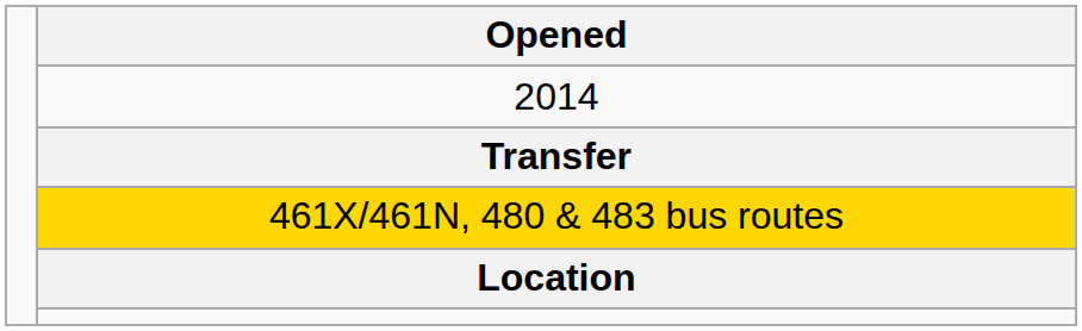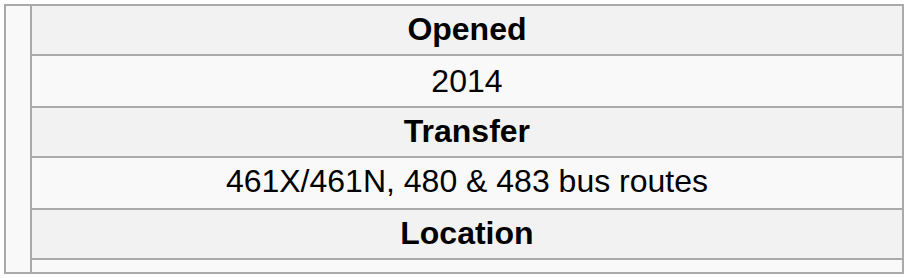 <table class=wikitable style="text-align: center; width: 450px; float:right">
 <tr>
 <td rowspan='6'></td>
 <th>Opened</th>
 </tr>
 <tr>
 <td>2014</td>
 </tr>
 <tr>
 <th>Transfer</th>
 </tr>
 <tr>
-<td style="background: gold;">461X/461N, 480 & 483 bus routes</td>
+<td>461X/461N, 480 & 483 bus routes</td>
 </tr>
 <tr>
 <th>Location</th>
 </tr>
 <tr>
 <td></td>
 </tr>
 </table>
